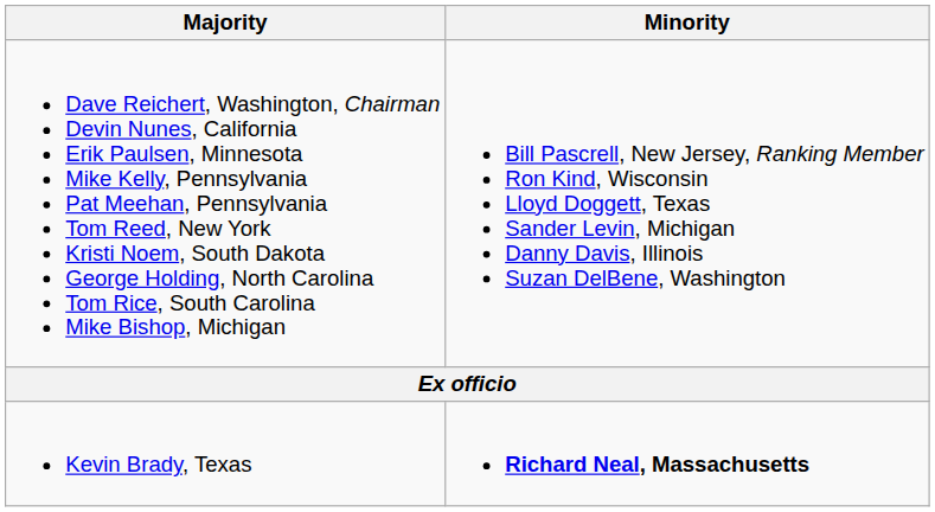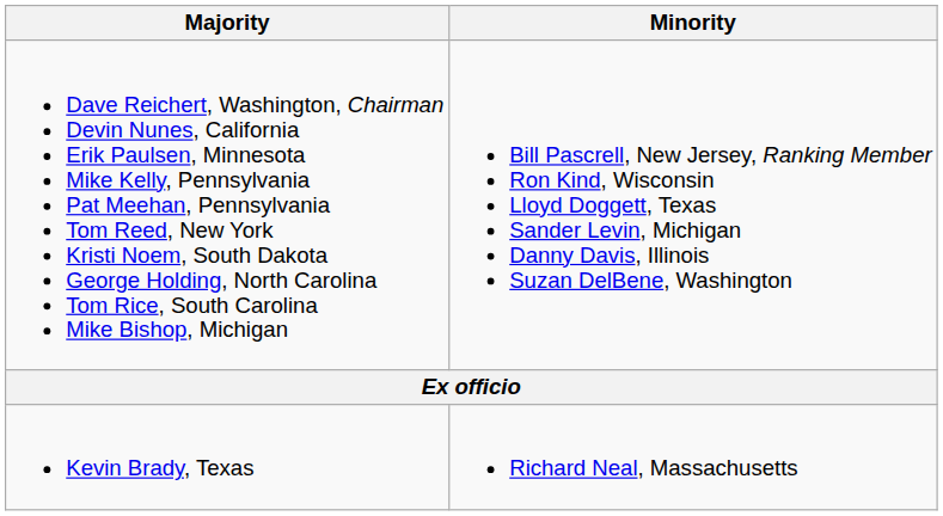 <table class=wikitable>
 <tr>
 <th>Majority</th>
 <th>Minority</th>
 </tr>
 <tr>
 <td><br><ul><li><a href='#'>Dave Reichert</a>, Washington, <em>Chairman</em></li><li><a href='#'>Devin Nunes</a>, California</li><li><a href='#'>Erik Paulsen</a>, Minnesota</li><li><a href='#'>Mike Kelly</a>, Pennsylvania</li><li><a href='#'>Pat Meehan</a>, Pennsylvania</li><li><a href='#'>Tom Reed</a>, New York</li><li><a href='#'>Kristi Noem</a>, South Dakota</li><li><a href='#'>George Holding</a>, North Carolina</li><li><a href='#'>Tom Rice</a>, South Carolina</li><li><a href='#'>Mike Bishop</a>, Michigan</li></ul></td>
 <td><br><ul><li><a href='#'>Bill Pascrell</a>, New Jersey, <em>Ranking Member</em></li><li><a href='#'>Ron Kind</a>, Wisconsin</li><li><a href='#'>Lloyd Doggett</a>, Texas</li><li><a href='#'>Sander Levin</a>, Michigan</li><li><a href='#'>Danny Davis</a>, Illinois</li><li><a href='#'>Suzan DelBene</a>, Washington</li></ul></td>
 </tr>
 <tr>
 <th colspan=2><em>Ex officio</em></th>
 </tr>
 <tr>
 <td><br><ul><li><a href='#'>Kevin Brady</a>, Texas</li></ul></td>
-<td><strong><br><ul><li><a href='#'>Richard Neal</a>, Massachusetts</li></ul></strong></td>
+<td><br><ul><li><a href='#'>Richard Neal</a>, Massachusetts</li></ul></td>
 </tr>
 </table>
